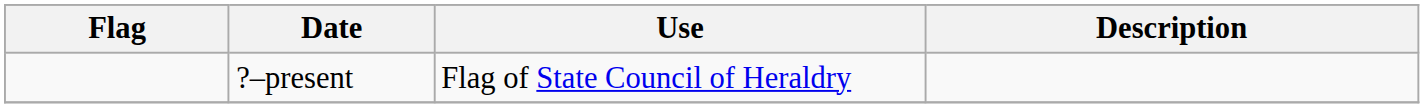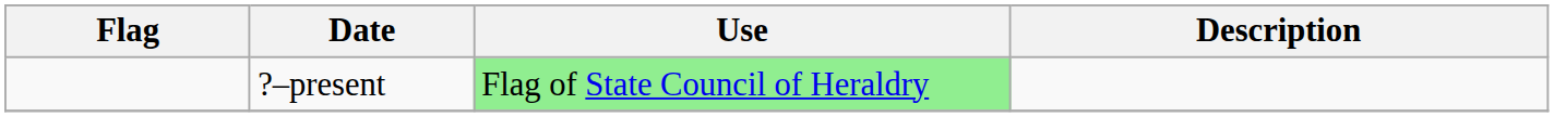 <table class="wikitable">
 <tr>
 <th style="width:110px;">Flag</th>
 <th style="width:100px;">Date</th>
 <th style="width:250px;">Use</th>
 <th style="width:250px;">Description</th>
 </tr>
 <tr>
 <td></td>
 <td>?–present</td>
-<td>Flag of <a href='#'>State Council of Heraldry</a></td>
+<td style="background: lightgreen;">Flag of <a href='#'>State Council of Heraldry</a></td>
 <td></td>
 </tr>
 <tr>
 </tr>
 </table>
